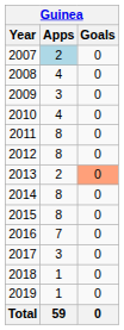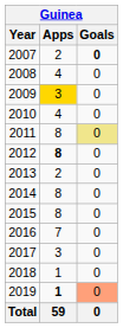 <table class="wikitable" style="text-align:center">
 <tr>
 <th colspan="3"><a href='#'>Guinea</a></th>
 </tr>
 <tr>
 <th>Year</th>
 <th>Apps</th>
 <th>Goals</th>
 </tr>
 <tr>
 <td>2007</td>
-<td style="background: lightblue;">2</td>
-<td>0</td>
+<td>2</td>
+<td><strong>0</strong></td>
 </tr>
 <tr>
 <td>2008</td>
 <td>4</td>
 <td>0</td>
 </tr>
 <tr>
 <td>2009</td>
-<td>3</td>
+<td style="background: gold;">3</td>
 <td>0</td>
 </tr>
 <tr>
 <td>2010</td>
 <td>4</td>
 <td>0</td>
 </tr>
 <tr>
 <td>2011</td>
 <td>8</td>
-<td>0</td>
+<td style="background: khaki;">0</td>
 </tr>
 <tr>
 <td>2012</td>
-<td>8</td>
+<td><strong>8</strong></td>
 <td>0</td>
 </tr>
 <tr>
 <td>2013</td>
 <td>2</td>
-<td style="background: lightsalmon;">0</td>
+<td>0</td>
 </tr>
 <tr>
 <td>2014</td>
 <td>8</td>
 <td>0</td>
 </tr>
 <tr>
 <td>2015</td>
 <td>8</td>
 <td>0</td>
 </tr>
 <tr>
 <td>2016</td>
 <td>7</td>
 <td>0</td>
 </tr>
 <tr>
 <td>2017</td>
 <td>3</td>
 <td>0</td>
 </tr>
 <tr>
 <td>2018</td>
 <td>1</td>
 <td>0</td>
 </tr>
 <tr>
 <td>2019</td>
-<td>1</td>
-<td>0</td>
+<td><strong>1</strong></td>
+<td style="background: lightsalmon;">0</td>
 </tr>
 <tr>
 <th>Total</th>
 <th>59</th>
 <th>0</th>
 </tr>
 </table>
